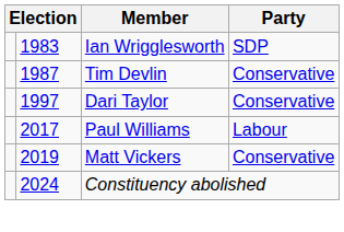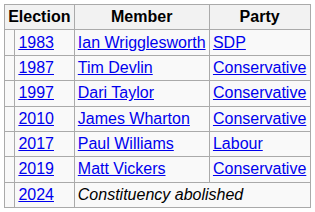 <table class="wikitable">
 <tr>
 <th colspan="2">Election</th>
 <th>Member</th>
 <th>Party</th>
 </tr>
 <tr>
 <td style="color:inherit;background-color: "></td>
 <td><a href='#'>1983</a></td>
 <td><a href='#'>Ian Wrigglesworth</a></td>
 <td><a href='#'>SDP</a></td>
 </tr>
 <tr>
 <td style="color:inherit;background-color: "></td>
 <td><a href='#'>1987</a></td>
 <td><a href='#'>Tim Devlin</a></td>
 <td><a href='#'>Conservative</a></td>
 </tr>
 <tr>
 <td style="color:inherit;background-color: "></td>
 <td><a href='#'>1997</a></td>
 <td><a href='#'>Dari Taylor</a></td>
 <td><a href='#'>Conservative</a></td>
 </tr>
 <tr>
 <td style="color:inherit;background-color: "></td>
+<td><a href='#'>2010</a></td>
+<td><a href='#'>James Wharton</a></td>
+<td><a href='#'>Conservative</a></td>
+</tr>
+<tr>
+<td style="color:inherit;background-color: "></td>
 <td><a href='#'>2017</a></td>
 <td><a href='#'>Paul Williams</a></td>
 <td><a href='#'>Labour</a></td>
 </tr>
 <tr>
 <td style="color:inherit;background-color: "></td>
 <td><a href='#'>2019</a></td>
 <td><a href='#'>Matt Vickers</a></td>
 <td><a href='#'>Conservative</a></td>
 </tr>
 <tr>
 <td></td>
 <td><a href='#'>2024</a></td>
 <td colspan="2"><em>Constituency abolished</em></td>
 </tr>
 </table>
